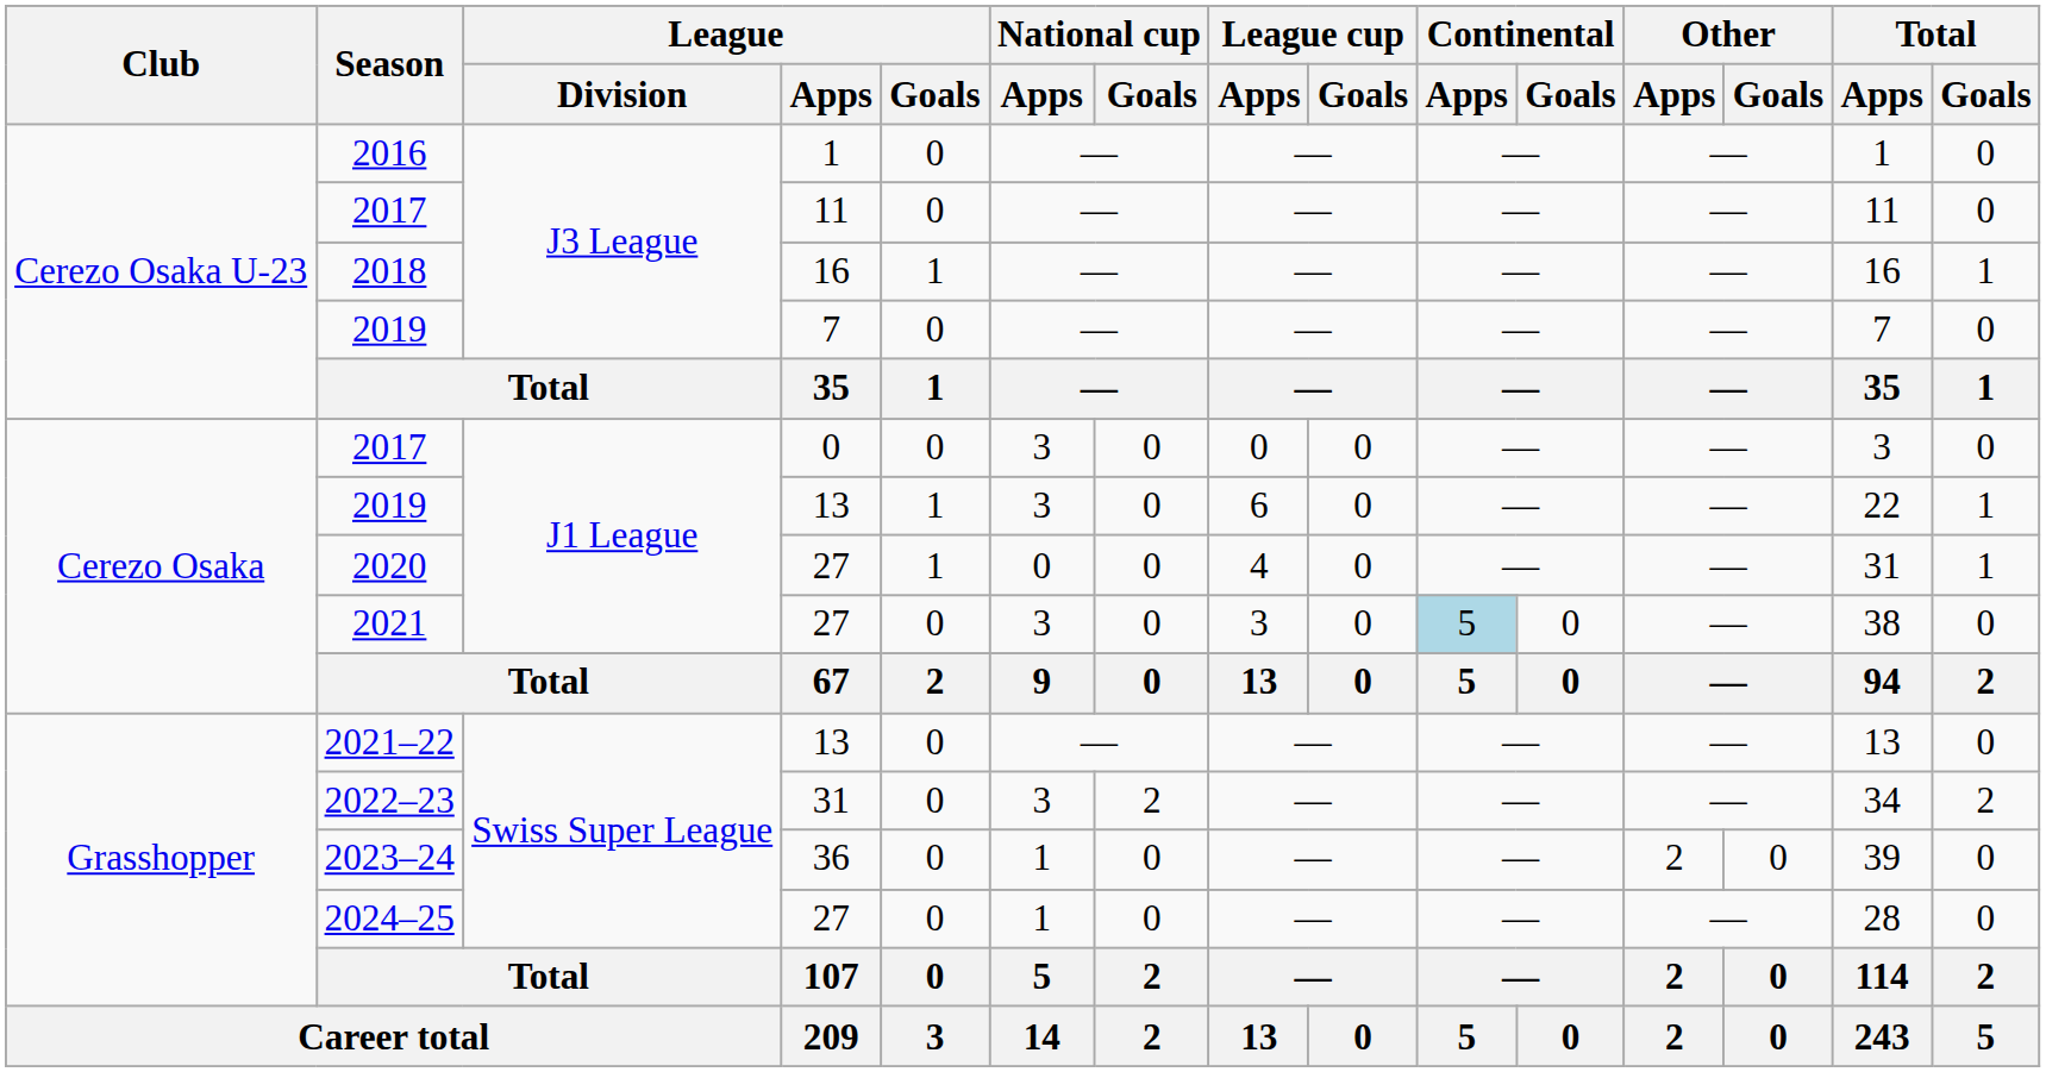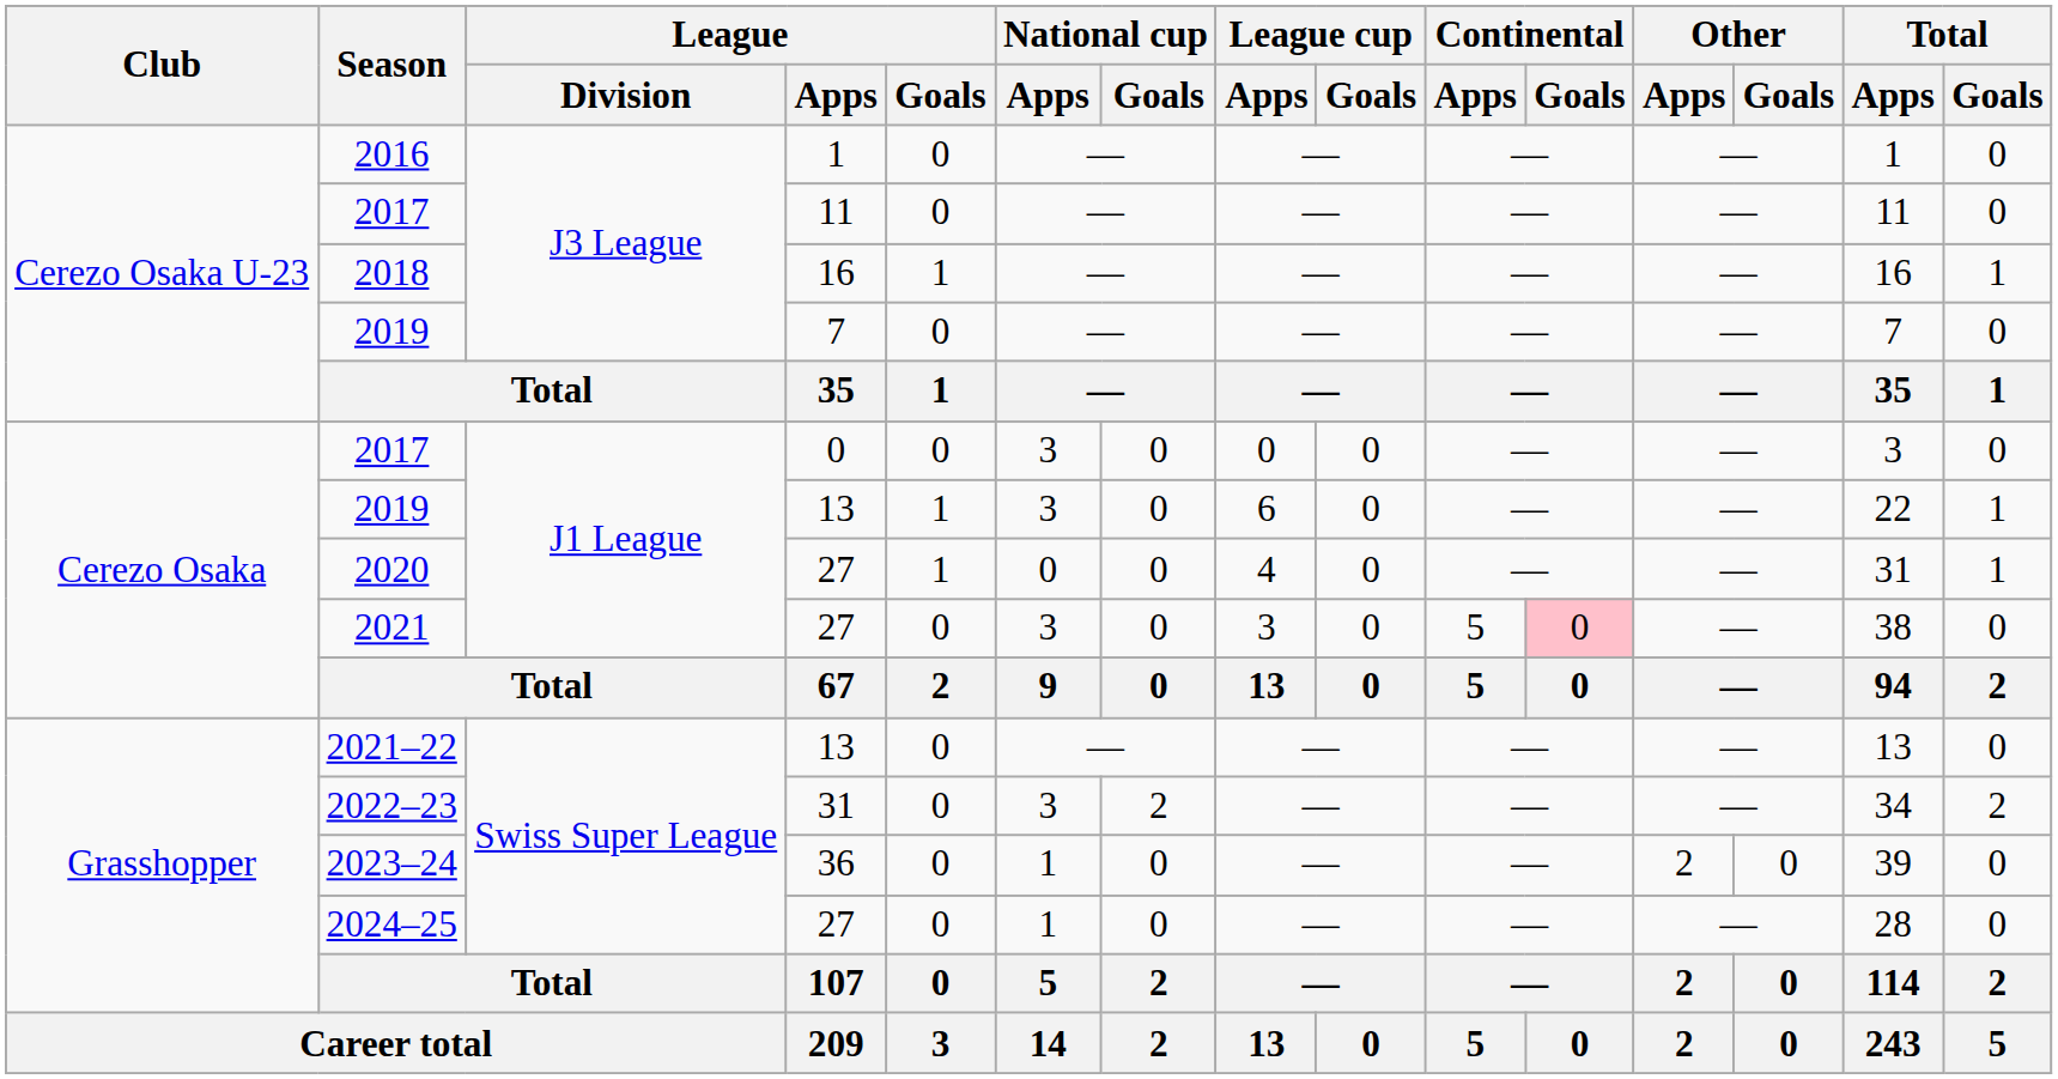 <table class="wikitable" style="text-align:center">
 <tr>
 <th rowspan="2">Club</th>
 <th rowspan="2">Season</th>
 <th colspan="3">League</th>
 <th colspan="2">National cup</th>
 <th colspan="2">League cup</th>
 <th colspan="2">Continental</th>
 <th colspan="2">Other</th>
 <th colspan="2">Total</th>
 </tr>
 <tr>
 <th>Division</th>
 <th>Apps</th>
 <th>Goals</th>
 <th>Apps</th>
 <th>Goals</th>
 <th>Apps</th>
 <th>Goals</th>
 <th>Apps</th>
 <th>Goals</th>
 <th>Apps</th>
 <th>Goals</th>
 <th>Apps</th>
 <th>Goals</th>
 </tr>
 <tr>
 <td rowspan="5"><a href='#'>Cerezo Osaka U-23</a></td>
 <td><a href='#'>2016</a></td>
 <td rowspan="4"><a href='#'>J3 League</a></td>
 <td>1</td>
 <td>0</td>
 <td colspan="2">—</td>
 <td colspan="2">—</td>
 <td colspan="2">—</td>
 <td colspan="2">—</td>
 <td>1</td>
 <td>0</td>
 </tr>
 <tr>
 <td><a href='#'>2017</a></td>
 <td>11</td>
 <td>0</td>
 <td colspan="2">—</td>
 <td colspan="2">—</td>
 <td colspan="2">—</td>
 <td colspan="2">—</td>
 <td>11</td>
 <td>0</td>
 </tr>
 <tr>
 <td><a href='#'>2018</a></td>
 <td>16</td>
 <td>1</td>
 <td colspan="2">—</td>
 <td colspan="2">—</td>
 <td colspan="2">—</td>
 <td colspan="2">—</td>
 <td>16</td>
 <td>1</td>
 </tr>
 <tr>
 <td><a href='#'>2019</a></td>
 <td>7</td>
 <td>0</td>
 <td colspan="2">—</td>
 <td colspan="2">—</td>
 <td colspan="2">—</td>
 <td colspan="2">—</td>
 <td>7</td>
 <td>0</td>
 </tr>
 <tr>
 <th colspan="2">Total</th>
 <th>35</th>
 <th>1</th>
 <th colspan="2">—</th>
 <th colspan="2">—</th>
 <th colspan="2">—</th>
 <th colspan="2">—</th>
 <th>35</th>
 <th>1</th>
 </tr>
 <tr>
 <td rowspan="5"><a href='#'>Cerezo Osaka</a></td>
 <td><a href='#'>2017</a></td>
 <td rowspan="4"><a href='#'>J1 League</a></td>
 <td>0</td>
 <td>0</td>
 <td>3</td>
 <td>0</td>
 <td>0</td>
 <td>0</td>
 <td colspan="2">—</td>
 <td colspan="2">—</td>
 <td>3</td>
 <td>0</td>
 </tr>
 <tr>
 <td><a href='#'>2019</a></td>
 <td>13</td>
 <td>1</td>
 <td>3</td>
 <td>0</td>
 <td>6</td>
 <td>0</td>
 <td colspan="2">—</td>
 <td colspan="2">—</td>
 <td>22</td>
 <td>1</td>
 </tr>
 <tr>
 <td><a href='#'>2020</a></td>
 <td>27</td>
 <td>1</td>
 <td>0</td>
 <td>0</td>
 <td>4</td>
 <td>0</td>
 <td colspan="2">—</td>
 <td colspan="2">—</td>
 <td>31</td>
 <td>1</td>
 </tr>
 <tr>
 <td><a href='#'>2021</a></td>
 <td>27</td>
 <td>0</td>
 <td>3</td>
 <td>0</td>
 <td>3</td>
 <td>0</td>
-<td style="background: lightblue;">5</td>
-<td>0</td>
+<td>5</td>
+<td style="background: pink;">0</td>
 <td colspan="2">—</td>
 <td>38</td>
 <td>0</td>
 </tr>
 <tr>
 <th colspan="2">Total</th>
 <th>67</th>
 <th>2</th>
 <th>9</th>
 <th>0</th>
 <th>13</th>
 <th>0</th>
 <th>5</th>
 <th>0</th>
 <th colspan="2">—</th>
 <th>94</th>
 <th>2</th>
 </tr>
 <tr>
 <td rowspan="5"><a href='#'>Grasshopper</a></td>
 <td><a href='#'>2021–22</a></td>
 <td rowspan="4"><a href='#'>Swiss Super League</a></td>
 <td>13</td>
 <td>0</td>
 <td colspan="2">—</td>
 <td colspan="2">—</td>
 <td colspan="2">—</td>
 <td colspan="2">—</td>
 <td>13</td>
 <td>0</td>
 </tr>
 <tr>
 <td><a href='#'>2022–23</a></td>
 <td>31</td>
 <td>0</td>
 <td>3</td>
 <td>2</td>
 <td colspan="2">—</td>
 <td colspan="2">—</td>
 <td colspan="2">—</td>
 <td>34</td>
 <td>2</td>
 </tr>
 <tr>
 <td><a href='#'>2023–24</a></td>
 <td>36</td>
 <td>0</td>
 <td>1</td>
 <td>0</td>
 <td colspan="2">—</td>
 <td colspan="2">—</td>
 <td>2</td>
 <td>0</td>
 <td>39</td>
 <td>0</td>
 </tr>
 <tr>
 <td><a href='#'>2024–25</a></td>
 <td>27</td>
 <td>0</td>
 <td>1</td>
 <td>0</td>
 <td colspan="2">—</td>
 <td colspan="2">—</td>
 <td colspan="2">—</td>
 <td>28</td>
 <td>0</td>
 </tr>
 <tr>
 <th colspan="2">Total</th>
 <th>107</th>
 <th>0</th>
 <th>5</th>
 <th>2</th>
 <th colspan="2">—</th>
 <th colspan="2">—</th>
 <th>2</th>
 <th>0</th>
 <th>114</th>
 <th>2</th>
 </tr>
 <tr>
 <th colspan="3">Career total</th>
 <th>209</th>
 <th>3</th>
 <th>14</th>
 <th>2</th>
 <th>13</th>
 <th>0</th>
 <th>5</th>
 <th>0</th>
 <th>2</th>
 <th>0</th>
 <th>243</th>
 <th>5</th>
 </tr>
 </table>
